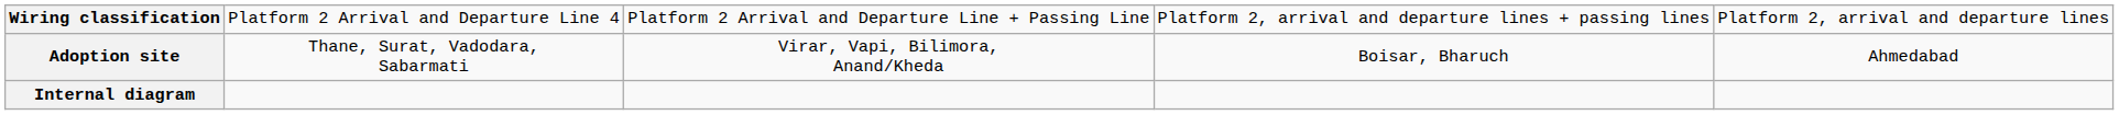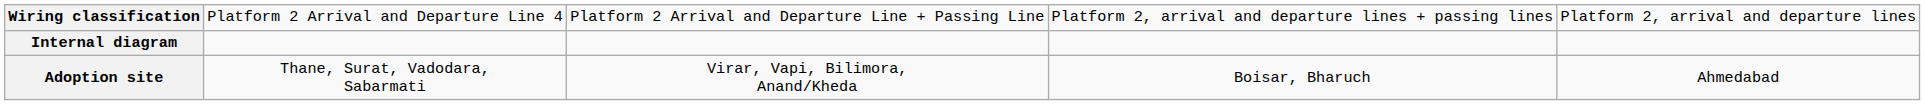 <table class="wikitable" style="font-size:90%; text-align: center;">
 <tr>
 <th>Wiring classification</th>
 <td>Platform 2 Arrival and Departure Line 4</td>
 <td>Platform 2 Arrival and Departure Line + Passing Line</td>
 <td>Platform 2, arrival and departure lines + passing lines</td>
 <td>Platform 2, arrival and departure lines</td>
 </tr>
 <tr>
+<th>Internal diagram</th>
+<td></td>
+<td></td>
+<td></td>
+<td></td>
+</tr>
+<tr>
 <th>Adoption site</th>
 <td>Thane, Surat, Vadodara,<br>Sabarmati</td>
 <td>Virar, Vapi, Bilimora,<br>Anand/Kheda</td>
 <td>Boisar, Bharuch</td>
 <td>Ahmedabad</td>
 </tr>
-<tr>
-<th>Internal diagram</th>
-<td></td>
-<td></td>
-<td></td>
-<td></td>
-</tr>
 </table>
